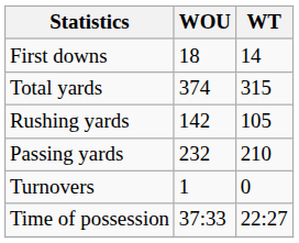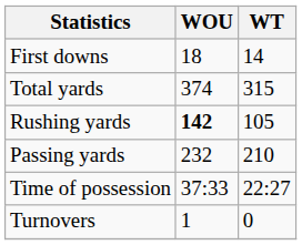 <table class="wikitable" style="float: left;">
 <tr>
 <th>Statistics</th>
 <th>WOU</th>
 <th>WT</th>
 </tr>
 <tr>
 <td>First downs</td>
 <td>18</td>
 <td>14</td>
 </tr>
 <tr>
 <td>Total yards</td>
 <td>374</td>
 <td>315</td>
 </tr>
 <tr>
 <td>Rushing yards</td>
-<td>142</td>
+<td><strong>142</strong></td>
 <td>105</td>
 </tr>
 <tr>
 <td>Passing yards</td>
 <td>232</td>
 <td>210</td>
 </tr>
 <tr>
+<td>Time of possession</td>
+<td>37:33</td>
+<td>22:27</td>
+</tr>
+<tr>
 <td>Turnovers</td>
 <td>1</td>
 <td>0</td>
 </tr>
 <tr>
-<td>Time of possession</td>
-<td>37:33</td>
-<td>22:27</td>
-</tr>
-<tr>
 </tr>
 </table>
